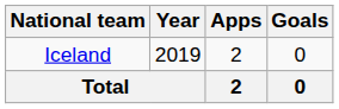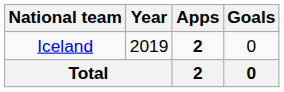 <table class=wikitable style="text-align: center">
 <tr>
 <th>National team</th>
 <th>Year</th>
 <th>Apps</th>
 <th>Goals</th>
 </tr>
 <tr>
 <td rowspan="1"><a href='#'>Iceland</a></td>
 <td>2019</td>
-<td>2</td>
+<td><strong>2</strong></td>
 <td>0</td>
 </tr>
 <tr>
 <th colspan="2">Total</th>
 <th>2</th>
 <th>0</th>
 </tr>
 </table>
